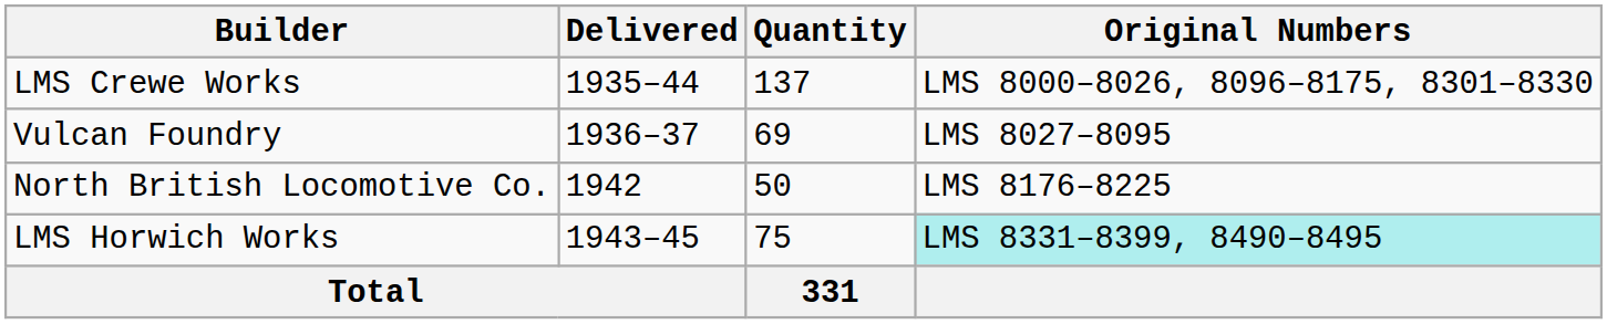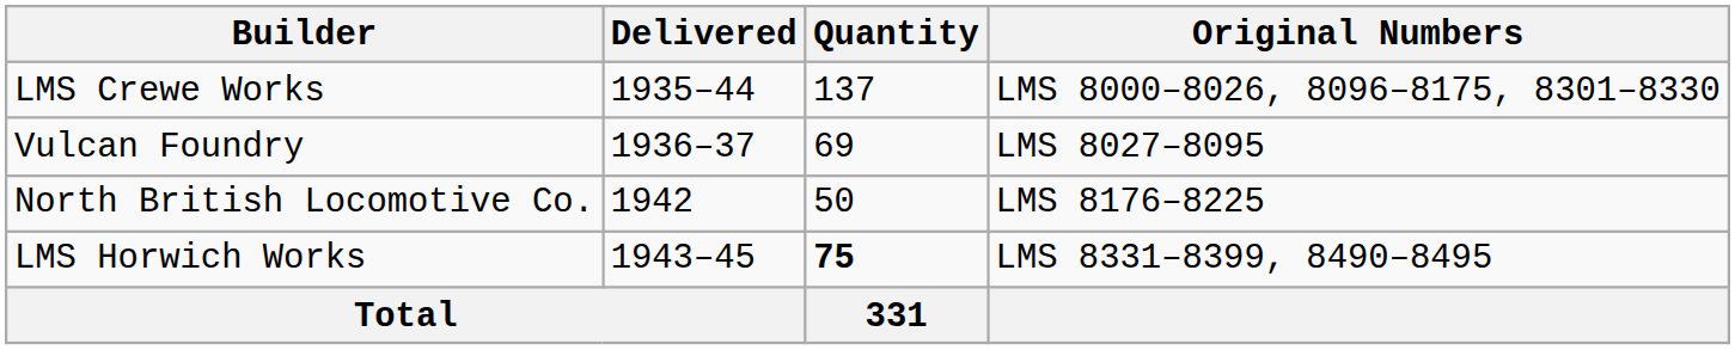 <table class="wikitable">
 <tr>
 <th>Builder</th>
 <th>Delivered</th>
 <th>Quantity</th>
 <th>Original Numbers</th>
 </tr>
 <tr>
 <td>LMS Crewe Works</td>
 <td>1935–44</td>
 <td>137</td>
 <td>LMS 8000–8026, 8096–8175, 8301–8330</td>
 </tr>
 <tr>
 <td>Vulcan Foundry</td>
 <td>1936–37</td>
 <td>69</td>
 <td>LMS 8027–8095</td>
 </tr>
 <tr>
 <td>North British Locomotive Co.</td>
 <td>1942</td>
 <td>50</td>
 <td>LMS 8176–8225</td>
 </tr>
 <tr>
 <td>LMS Horwich Works</td>
 <td>1943–45</td>
-<td>75</td>
-<td style="background: paleturquoise;">LMS 8331–8399, 8490–8495</td>
+<td><strong>75</strong></td>
+<td>LMS 8331–8399, 8490–8495</td>
 </tr>
 <tr>
 <th colspan=2>Total</th>
 <th>331</th>
 <th></th>
 </tr>
 </table>
